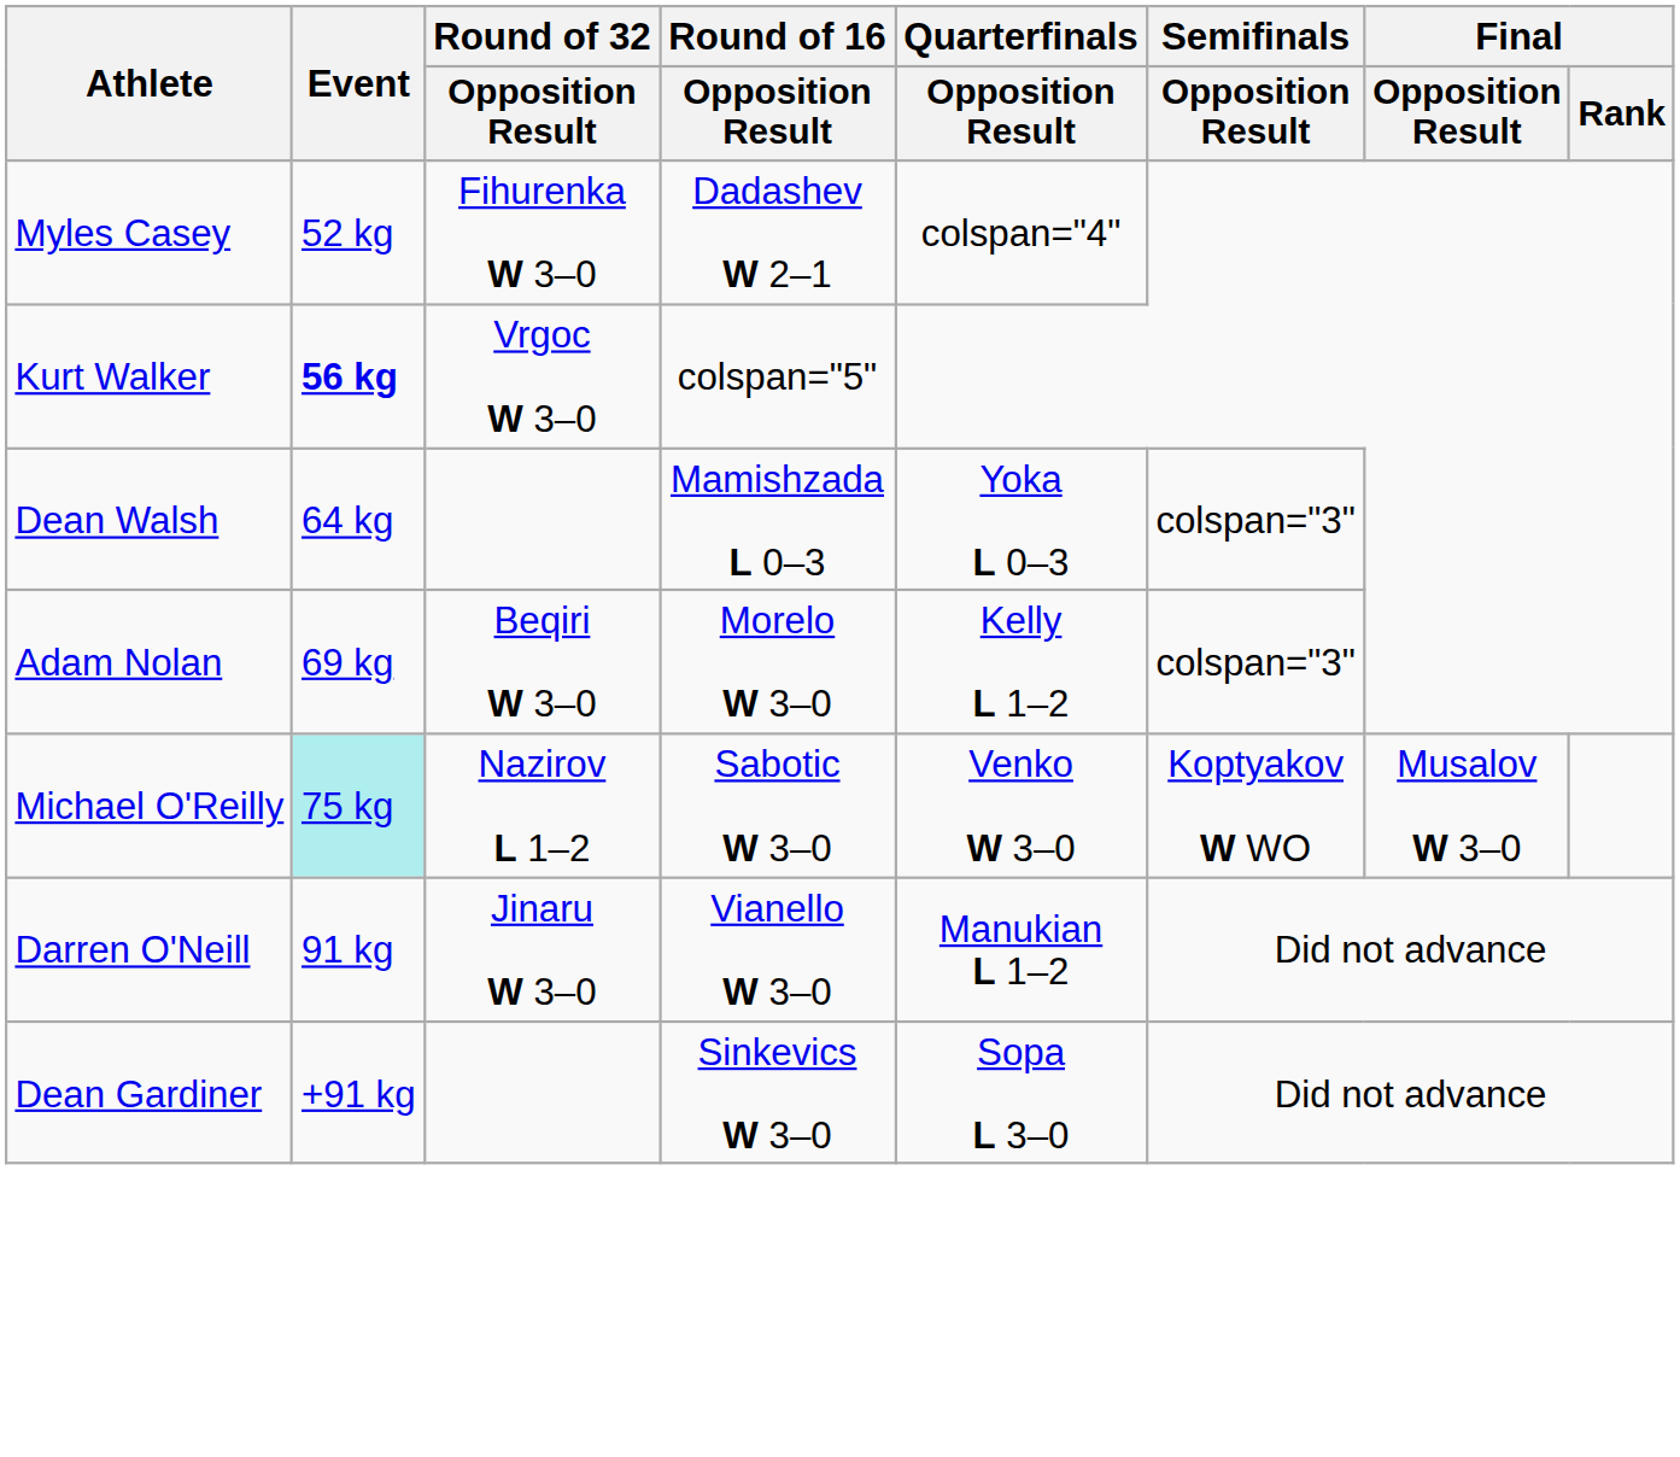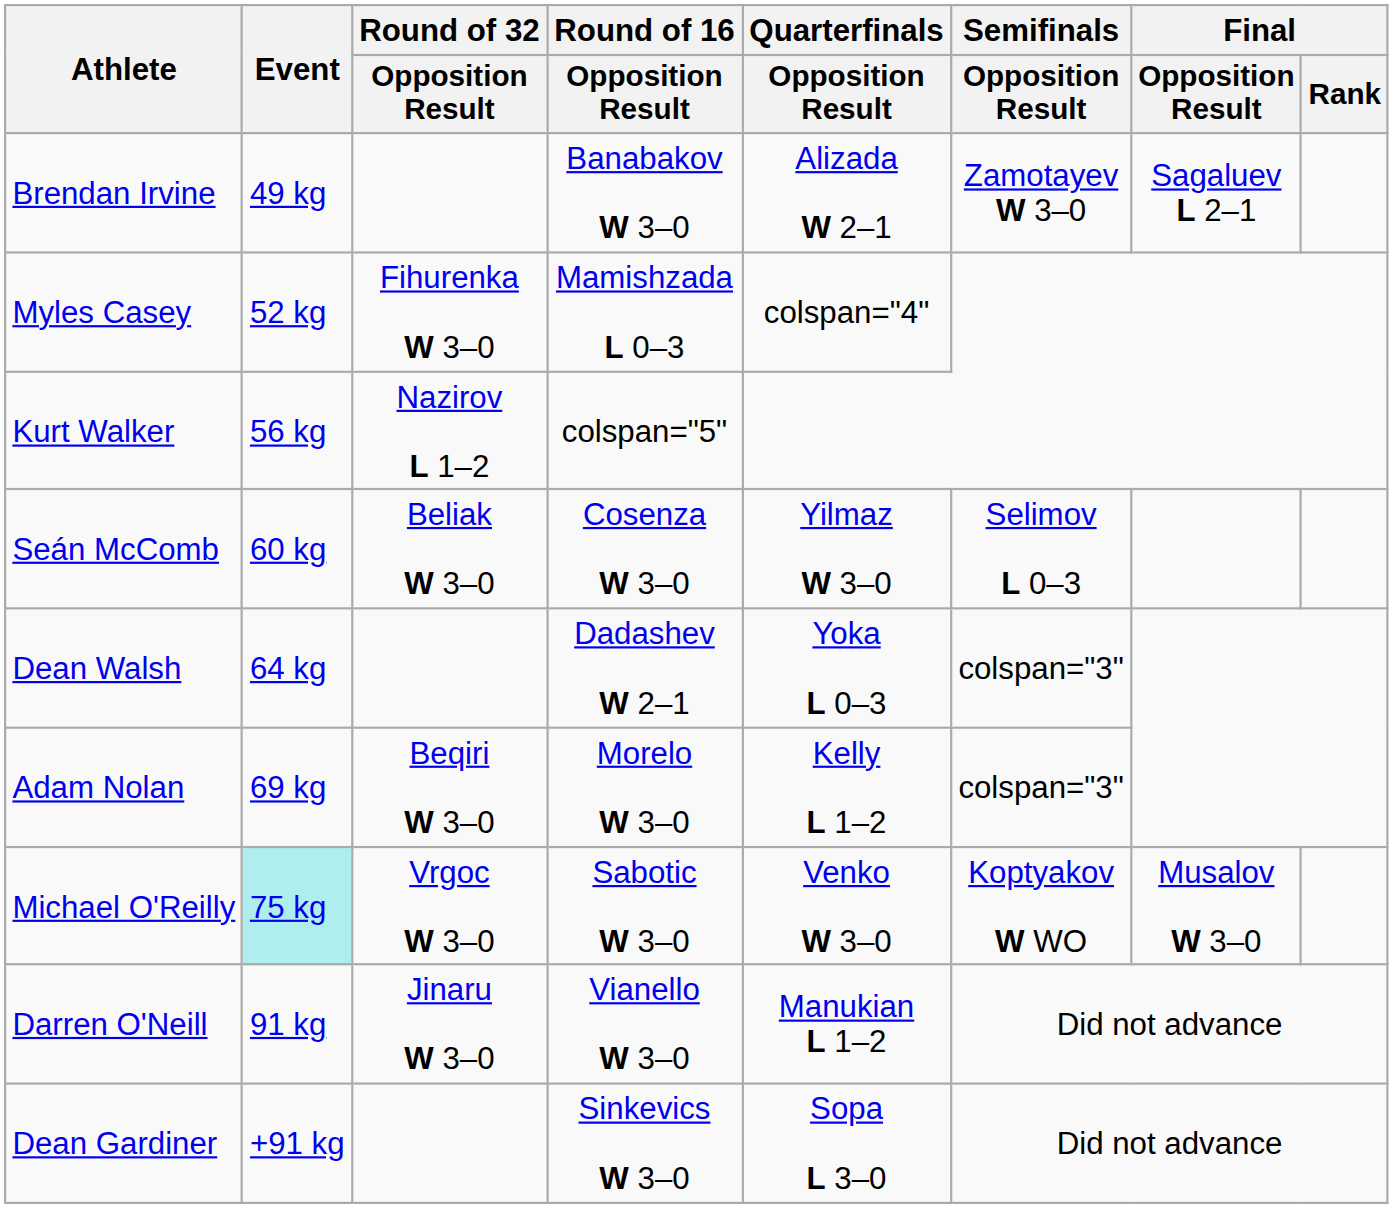 <table class="wikitable" style="font-size:90%;">
 <tr>
 <th rowspan=2>Athlete</th>
 <th rowspan=2>Event</th>
 <th>Round of 32</th>
 <th>Round of 16</th>
 <th>Quarterfinals</th>
 <th>Semifinals</th>
 <th colspan=2>Final</th>
 </tr>
 <tr style="font-size:95%">
 <th>Opposition<br>Result</th>
 <th>Opposition<br>Result</th>
 <th>Opposition<br>Result</th>
 <th>Opposition<br>Result</th>
 <th>Opposition<br>Result</th>
 <th>Rank</th>
 </tr>
 <tr align=center>
+<td align=left><a href='#'>Brendan Irvine</a></td>
+<td align=left><a href='#'>49 kg</a></td>
+<td></td>
+<td><a href='#'>Banabakov</a><br><br> <strong>W</strong> 3–0</td>
+<td><a href='#'>Alizada</a><br><br> <strong>W</strong> 2–1</td>
+<td><a href='#'>Zamotayev</a><br> <strong>W</strong> 3–0</td>
+<td><a href='#'>Sagaluev</a><br> <strong>L</strong> 2–1</td>
+<td></td>
+</tr>
+<tr align=center>
 <td align=left><a href='#'>Myles Casey</a></td>
 <td align=left><a href='#'>52 kg</a></td>
 <td><a href='#'>Fihurenka</a><br><br> <strong>W</strong> 3–0</td>
-<td><a href='#'>Dadashev</a><br><br> <strong>W</strong> 2–1</td>
+<td><a href='#'>Mamishzada</a><br><br> <strong>L</strong> 0–3</td>
 <td>colspan="4" </td>
 </tr>
 <tr align=center>
 <td align=left><a href='#'>Kurt Walker</a></td>
-<td align=left><strong><a href='#'>56 kg</a></strong></td>
-<td><a href='#'>Vrgoc</a><br><br> <strong>W</strong> 3–0</td>
+<td align=left><a href='#'>56 kg</a></td>
+<td><a href='#'>Nazirov</a><br><br> <strong>L</strong> 1–2</td>
 <td>colspan="5" </td>
+</tr>
+<tr align=center>
+<td align=left><a href='#'>Seán McComb</a></td>
+<td align=left><a href='#'>60 kg</a></td>
+<td><a href='#'>Beliak</a><br><br> <strong>W</strong> 3–0</td>
+<td><a href='#'>Cosenza</a><br><br> <strong>W</strong> 3–0</td>
+<td><a href='#'>Yilmaz</a><br><br> <strong>W</strong> 3–0</td>
+<td><a href='#'>Selimov</a><br><br> <strong>L</strong> 0–3</td>
+<td></td>
+<td></td>
 </tr>
 <tr align=center>
 <td align=left><a href='#'>Dean Walsh</a></td>
 <td align=left><a href='#'>64 kg</a></td>
 <td></td>
-<td><a href='#'>Mamishzada</a><br><br> <strong>L</strong> 0–3</td>
+<td><a href='#'>Dadashev</a><br><br> <strong>W</strong> 2–1</td>
 <td><a href='#'>Yoka</a><br><br> <strong>L</strong> 0–3</td>
 <td>colspan="3" </td>
 </tr>
 <tr align=center>
 <td align=left><a href='#'>Adam Nolan</a></td>
 <td align=left><a href='#'>69 kg</a></td>
 <td><a href='#'>Beqiri</a><br><br> <strong>W</strong> 3–0</td>
 <td><a href='#'>Morelo</a><br><br> <strong>W</strong> 3–0</td>
 <td><a href='#'>Kelly</a><br><br> <strong>L</strong> 1–2</td>
 <td>colspan="3" </td>
 </tr>
 <tr align=center>
 <td align=left><a href='#'>Michael O'Reilly</a></td>
 <td align=left style="background: paleturquoise;"><a href='#'>75 kg</a></td>
-<td><a href='#'>Nazirov</a><br><br> <strong>L</strong> 1–2</td>
+<td><a href='#'>Vrgoc</a><br><br> <strong>W</strong> 3–0</td>
 <td><a href='#'>Sabotic</a><br><br> <strong>W</strong> 3–0</td>
 <td><a href='#'>Venko</a><br><br> <strong>W</strong> 3–0</td>
 <td><a href='#'>Koptyakov</a><br><br> <strong>W</strong> WO</td>
 <td><a href='#'>Musalov</a><br><br> <strong>W</strong> 3–0</td>
 <td></td>
 </tr>
 <tr align=center>
 <td align=left><a href='#'>Darren O'Neill</a></td>
 <td align=left><a href='#'>91 kg</a></td>
 <td><a href='#'>Jinaru</a><br><br> <strong>W</strong> 3–0</td>
 <td><a href='#'>Vianello</a><br><br> <strong>W</strong> 3–0</td>
 <td><a href='#'>Manukian</a><br> <strong>L</strong> 1–2</td>
 <td colspan="3" >Did not advance</td>
 </tr>
 <tr align=center>
 <td align=left><a href='#'>Dean Gardiner</a></td>
 <td align=left><a href='#'>+91 kg</a></td>
 <td></td>
 <td><a href='#'>Sinkevics</a><br><br> <strong>W</strong> 3–0</td>
 <td><a href='#'>Sopa</a><br><br> <strong>L</strong> 3–0</td>
 <td colspan="3" >Did not advance</td>
 </tr>
 </table>
